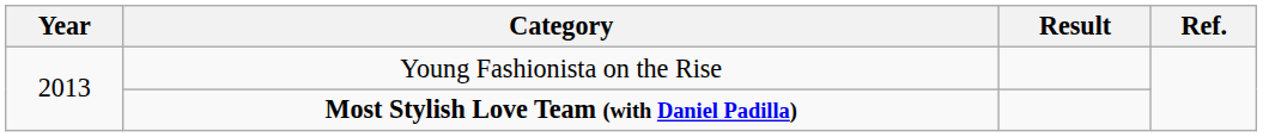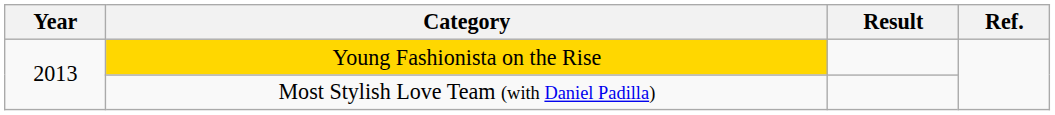 <table class="wikitable sortable"  style="text-align:center; width:60%;">
 <tr>
 <th>Year</th>
 <th>Category</th>
 <th>Result</th>
 <th>Ref.</th>
 </tr>
 <tr>
 <td rowspan=2>2013</td>
-<td>Young Fashionista on the Rise</td>
+<td style="background: gold;">Young Fashionista on the Rise</td>
 <td></td>
 <td rowspan=2></td>
 </tr>
 <tr>
-<td><strong>Most Stylish Love Team <small>(with <a href='#'>Daniel Padilla</a>)</small></strong></td>
+<td>Most Stylish Love Team <small>(with <a href='#'>Daniel Padilla</a>)</small></td>
 <td></td>
 </tr>
 </table>
